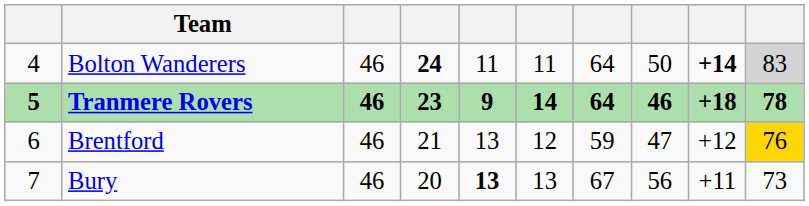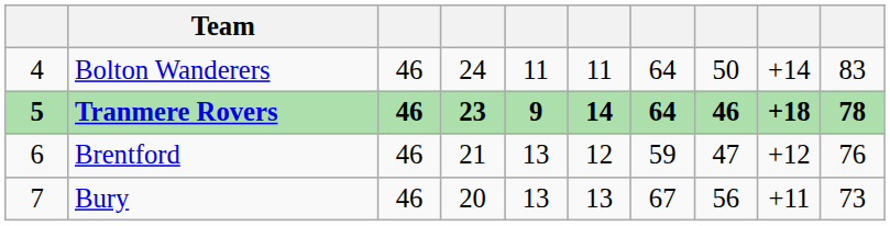 <table class="wikitable" style="text-align:center">
 <tr>
 <th width="30"></th>
 <th width="175">Team</th>
 <th width="30"></th>
 <th width="30"></th>
 <th width="30"></th>
 <th width="30"></th>
 <th width="30"></th>
 <th width="30"></th>
 <th width="30"></th>
 <th width="30"></th>
 </tr>
 <tr>
 <td>4</td>
 <td align=left><a href='#'>Bolton Wanderers</a></td>
 <td>46</td>
-<td><strong>24</strong></td>
+<td>24</td>
 <td>11</td>
 <td>11</td>
 <td>64</td>
 <td>50</td>
-<td><strong>+14</strong></td>
-<td style="background: lightgrey;">83</td>
+<td>+14</td>
+<td>83</td>
 </tr>
 <tr bgcolor=#ADDFAD>
 <td><strong>5</strong></td>
 <td align=left><strong><a href='#'>Tranmere Rovers</a></strong></td>
 <td><strong>46</strong></td>
 <td><strong>23</strong></td>
 <td><strong>9</strong></td>
 <td><strong>14</strong></td>
 <td><strong>64</strong></td>
 <td><strong>46</strong></td>
 <td><strong>+18</strong></td>
 <td><strong>78</strong></td>
 </tr>
 <tr>
 <td>6</td>
 <td align=left><a href='#'>Brentford</a></td>
 <td>46</td>
 <td>21</td>
 <td>13</td>
 <td>12</td>
 <td>59</td>
 <td>47</td>
 <td>+12</td>
-<td style="background: gold;">76</td>
+<td>76</td>
 </tr>
 <tr>
 <td>7</td>
 <td align=left><a href='#'>Bury</a></td>
 <td>46</td>
 <td>20</td>
-<td><strong>13</strong></td>
+<td>13</td>
 <td>13</td>
 <td>67</td>
 <td>56</td>
 <td>+11</td>
 <td>73</td>
 </tr>
 </table>
